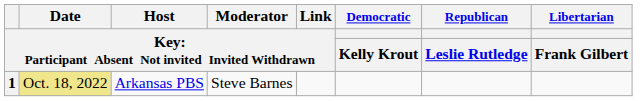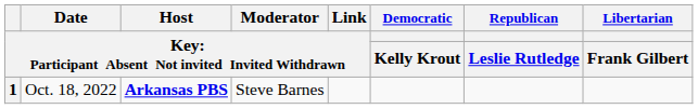 <table class="wikitable" style="text-align:center;">
 <tr>
 <th scope="col"></th>
 <th scope="col">Date</th>
 <th scope="col">Host</th>
 <th scope="col">Moderator</th>
 <th scope="col">Link</th>
 <th scope="col"><small><a href='#'>Democratic</a></small></th>
 <th scope="col"><small><a href='#'>Republican</a></small></th>
 <th scope="col"><small><a href='#'>Libertarian</a></small></th>
 </tr>
 <tr>
 <th colspan="5" rowspan="2">Key:<br> <small>Participant </small>  <small>Absent </small>  <small>Not invited </small>  <small>Invited  Withdrawn</small></th>
 <th scope="col" style="background:"></th>
 <th scope="col" style="background:"></th>
 <th scope="col" style="background:"></th>
 </tr>
 <tr>
 <th scope="col">Kelly Krout</th>
 <th scope="col"><a href='#'>Leslie Rutledge</a></th>
 <th scope="col">Frank Gilbert</th>
 </tr>
 <tr>
 <th>1</th>
-<td style="background: khaki; white-space:nowrap;">Oct. 18, 2022</td>
-<td style="white-space:nowrap;"><a href='#'>Arkansas PBS</a></td>
+<td style="white-space:nowrap;">Oct. 18, 2022</td>
+<td style="white-space:nowrap;"><strong><a href='#'>Arkansas PBS</a></strong></td>
 <td style="white-space:nowrap;">Steve Barnes</td>
 <td style="white-space:nowrap;"></td>
 <td></td>
 <td></td>
 <td></td>
 </tr>
 </table>
